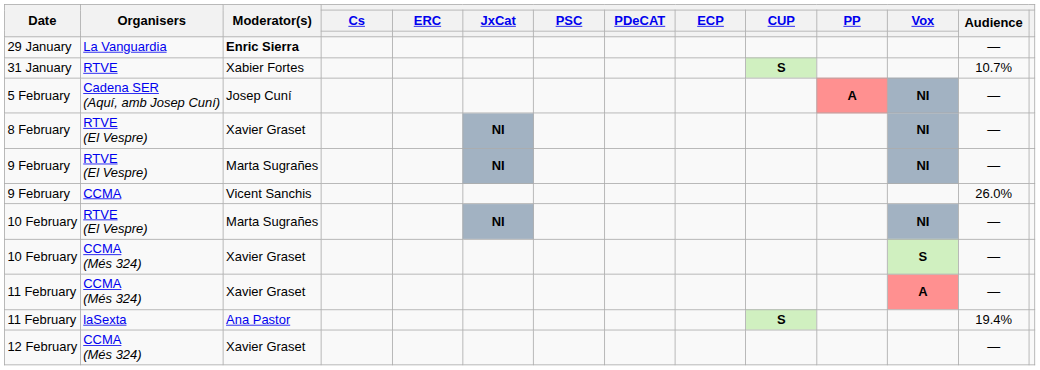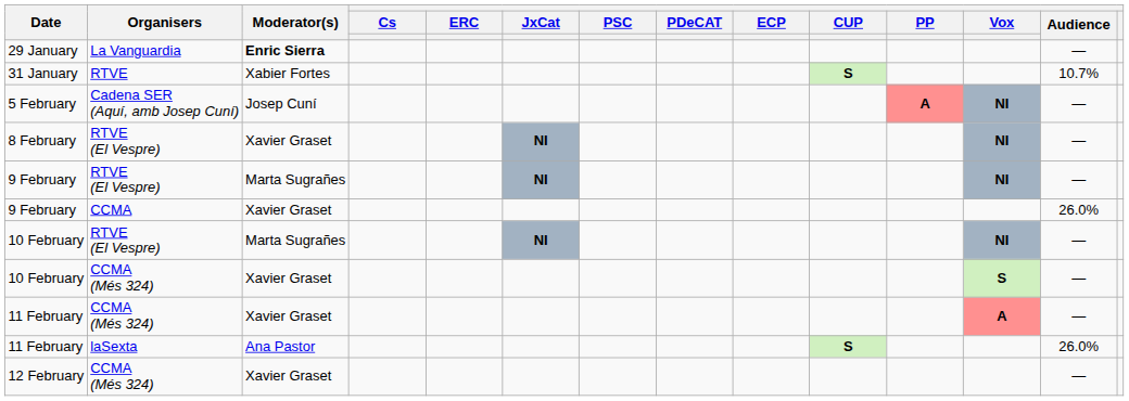 <table class="wikitable" style="text-align:center;">
 <tr>
 <th rowspan="3">Date</th>
 <th rowspan="3">Organisers</th>
 <th rowspan="3">Moderator(s)</th>
 <th colspan="11">        </th>
 </tr>
 <tr>
 <th scope="col" style="width:5em;"><a href='#'>Cs</a></th>
 <th scope="col" style="width:5em;"><a href='#'>ERC</a></th>
 <th scope="col" style="width:5em;"><a href='#'>JxCat</a></th>
 <th scope="col" style="width:5em;"><a href='#'>PSC</a></th>
 <th scope="col" style="width:5em;"><a href='#'>PDeCAT</a></th>
 <th scope="col" style="width:5em;"><a href='#'>ECP</a></th>
 <th scope="col" style="width:5em;"><a href='#'>CUP</a></th>
 <th scope="col" style="width:5em;"><a href='#'>PP</a></th>
 <th scope="col" style="width:5em;"><a href='#'>Vox</a></th>
 <th rowspan="2" scope="col" style="width:5em;">Audience</th>
 <th rowspan="2"></th>
 </tr>
 <tr>
 <th style="color:inherit;background:"></th>
 <th style="color:inherit;background:"></th>
 <th style="color:inherit;background:"></th>
 <th style="color:inherit;background:"></th>
 <th style="color:inherit;background:"></th>
 <th style="color:inherit;background:"></th>
 <th style="color:inherit;background:"></th>
 <th style="color:inherit;background:"></th>
 <th style="color:inherit;background:"></th>
 </tr>
 <tr>
 <td style="white-space:nowrap; text-align:left;">29 January</td>
 <td style="white-space:nowrap; text-align:left;"><a href='#'>La Vanguardia</a></td>
 <td style="white-space:nowrap; text-align:left;"><strong>Enric Sierra</strong></td>
 <td></td>
 <td></td>
 <td></td>
 <td></td>
 <td></td>
 <td></td>
 <td></td>
 <td></td>
 <td></td>
 <td>—</td>
 <td></td>
 </tr>
 <tr>
 <td style="white-space:nowrap; text-align:left;">31 January</td>
 <td style="white-space:nowrap; text-align:left;"><a href='#'>RTVE</a></td>
 <td style="white-space:nowrap; text-align:left;">Xabier Fortes</td>
 <td></td>
 <td></td>
 <td></td>
 <td></td>
 <td></td>
 <td></td>
 <td style="background:#D0F0C0;"><strong>S</strong><br></td>
 <td></td>
 <td></td>
 <td>10.7%<br></td>
 <td><br></td>
 </tr>
 <tr>
 <td style="white-space:nowrap; text-align:left;">5 February</td>
 <td style="white-space:nowrap; text-align:left;"><a href='#'>Cadena SER</a><br><em>(Aquí, amb Josep Cuní)</em></td>
 <td style="white-space:nowrap; text-align:left;">Josep Cuní</td>
 <td></td>
 <td></td>
 <td></td>
 <td></td>
 <td></td>
 <td></td>
 <td></td>
 <td style="background:#FF9090;"><strong>A</strong></td>
 <td style="background:#A2B2C2;"><strong>NI</strong></td>
 <td>—</td>
 <td></td>
 </tr>
 <tr>
 <td style="white-space:nowrap; text-align:left;">8 February</td>
 <td style="white-space:nowrap; text-align:left;"><a href='#'>RTVE</a><br><em>(El Vespre)</em></td>
 <td style="white-space:nowrap; text-align:left;">Xavier Graset</td>
 <td></td>
 <td></td>
 <td style="background:#A2B2C2;"><strong>NI</strong></td>
 <td></td>
 <td></td>
 <td></td>
 <td></td>
 <td></td>
 <td style="background:#A2B2C2;"><strong>NI</strong></td>
 <td>—</td>
 <td></td>
 </tr>
 <tr>
 <td style="white-space:nowrap; text-align:left;">9 February</td>
 <td style="white-space:nowrap; text-align:left;"><a href='#'>RTVE</a><br><em>(El Vespre)</em></td>
 <td style="white-space:nowrap; text-align:left;">Marta Sugrañes</td>
 <td></td>
 <td></td>
 <td style="background:#A2B2C2;"><strong>NI</strong></td>
 <td></td>
 <td></td>
 <td></td>
 <td></td>
 <td></td>
 <td style="background:#A2B2C2;"><strong>NI</strong></td>
 <td>—</td>
 <td></td>
 </tr>
 <tr>
 <td style="white-space:nowrap; text-align:left;">9 February</td>
 <td style="white-space:nowrap; text-align:left;"><a href='#'>CCMA</a></td>
-<td style="white-space:nowrap; text-align:left;">Vicent Sanchis</td>
+<td style="white-space:nowrap; text-align:left;">Xavier Graset</td>
 <td></td>
 <td></td>
 <td></td>
 <td></td>
 <td></td>
 <td></td>
 <td></td>
 <td></td>
 <td></td>
 <td>26.0%<br></td>
 <td><br></td>
 </tr>
 <tr>
 <td style="white-space:nowrap; text-align:left;">10 February</td>
 <td style="white-space:nowrap; text-align:left;"><a href='#'>RTVE</a><br><em>(El Vespre)</em></td>
 <td style="white-space:nowrap; text-align:left;">Marta Sugrañes</td>
 <td></td>
 <td></td>
 <td style="background:#A2B2C2;"><strong>NI</strong></td>
 <td></td>
 <td></td>
 <td></td>
 <td></td>
 <td></td>
 <td style="background:#A2B2C2;"><strong>NI</strong></td>
 <td>—</td>
 <td></td>
 </tr>
 <tr>
 <td style="white-space:nowrap; text-align:left;">10 February</td>
 <td style="white-space:nowrap; text-align:left;"><a href='#'>CCMA</a><br><em>(Més 324)</em></td>
 <td style="white-space:nowrap; text-align:left;">Xavier Graset</td>
 <td></td>
 <td></td>
 <td></td>
 <td></td>
 <td></td>
 <td></td>
 <td></td>
 <td></td>
 <td style="background:#D0F0C0;"><strong>S</strong><br></td>
 <td>—</td>
 <td></td>
 </tr>
 <tr>
 <td style="white-space:nowrap; text-align:left;">11 February</td>
 <td style="white-space:nowrap; text-align:left;"><a href='#'>CCMA</a><br><em>(Més 324)</em></td>
 <td style="white-space:nowrap; text-align:left;">Xavier Graset</td>
 <td></td>
 <td></td>
 <td></td>
 <td></td>
 <td></td>
 <td></td>
 <td></td>
 <td></td>
 <td style="background:#FF9090;"><strong>A</strong></td>
 <td>—</td>
 <td></td>
 </tr>
 <tr>
 <td style="white-space:nowrap; text-align:left;">11 February</td>
 <td style="white-space:nowrap; text-align:left;"><a href='#'>laSexta</a></td>
 <td style="white-space:nowrap; text-align:left;"><a href='#'>Ana Pastor</a></td>
 <td></td>
 <td></td>
 <td></td>
 <td></td>
 <td></td>
 <td></td>
 <td style="background:#D0F0C0;"><strong>S</strong><br></td>
 <td></td>
 <td></td>
-<td>19.4%</td>
+<td>26.0%<br></td>
 <td><br></td>
 </tr>
 <tr>
 <td style="white-space:nowrap; text-align:left;">12 February</td>
 <td style="white-space:nowrap; text-align:left;"><a href='#'>CCMA</a><br><em>(Més 324)</em></td>
 <td style="white-space:nowrap; text-align:left;">Xavier Graset</td>
 <td></td>
 <td></td>
 <td></td>
 <td></td>
 <td></td>
 <td></td>
 <td></td>
 <td></td>
 <td></td>
 <td>—</td>
 <td></td>
 </tr>
 </table>
